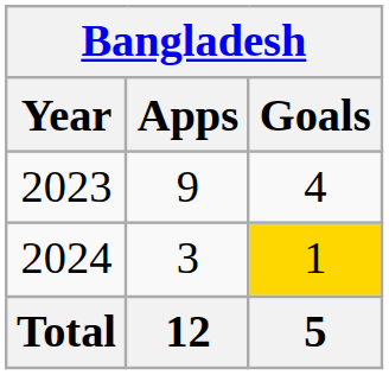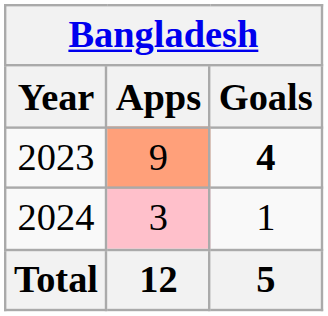 <table class="wikitable" style="text-align:center">
 <tr>
 <th colspan=10><a href='#'>Bangladesh</a></th>
 </tr>
 <tr>
 <th>Year</th>
 <th>Apps</th>
 <th>Goals</th>
 </tr>
 <tr>
 <td>2023</td>
-<td>9</td>
-<td>4</td>
+<td style="background: lightsalmon;">9</td>
+<td><strong>4</strong></td>
 </tr>
 <tr>
 <td>2024</td>
-<td>3</td>
-<td style="background: gold;">1</td>
+<td style="background: pink;">3</td>
+<td>1</td>
 </tr>
 <tr>
 <th>Total</th>
 <th>12</th>
 <th>5</th>
 </tr>
 </table>
